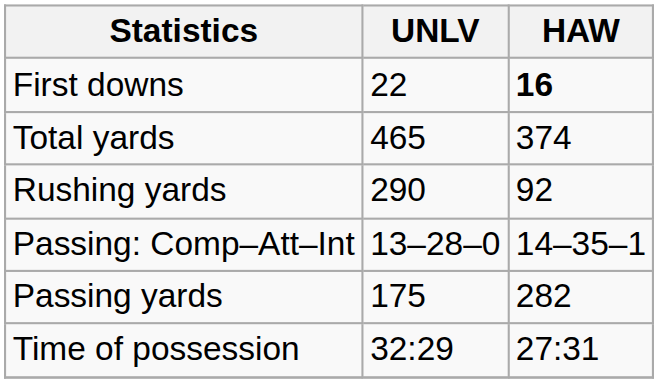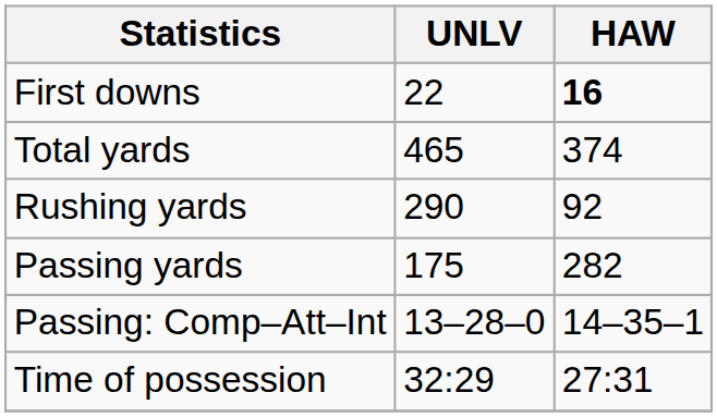 <table class="wikitable" style="float: left;">
 <tr>
 <th>Statistics</th>
 <th>UNLV</th>
 <th>HAW</th>
 </tr>
 <tr>
 <td>First downs</td>
 <td>22</td>
 <td><strong>16</strong></td>
 </tr>
 <tr>
 <td>Total yards</td>
 <td>465</td>
 <td>374</td>
 </tr>
 <tr>
 <td>Rushing yards</td>
 <td>290</td>
 <td>92</td>
 </tr>
 <tr>
+<td>Passing yards</td>
+<td>175</td>
+<td>282</td>
+</tr>
+<tr>
 <td>Passing: Comp–Att–Int</td>
 <td>13–28–0</td>
 <td>14–35–1</td>
-</tr>
-<tr>
-<td>Passing yards</td>
-<td>175</td>
-<td>282</td>
 </tr>
 <tr>
 <td>Time of possession</td>
 <td>32:29</td>
 <td>27:31</td>
 </tr>
 <tr>
 </tr>
 </table>
